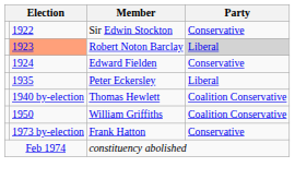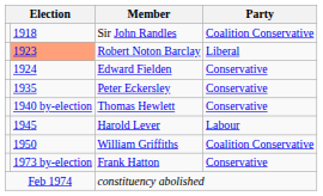 <table class="wikitable">
 <tr>
 <th colspan="2">Election</th>
 <th>Member</th>
 <th>Party</th>
 </tr>
 <tr>
 <td style="color:inherit;background-color: "></td>
-<td><a href='#'>1922</a></td>
-<td>Sir <a href='#'>Edwin Stockton</a></td>
-<td><a href='#'>Conservative</a></td>
+<td><a href='#'>1918</a></td>
+<td>Sir <a href='#'>John Randles</a></td>
+<td><a href='#'>Coalition Conservative</a></td>
 </tr>
 <tr>
 <td style="color:inherit;background-color: "></td>
 <td style="background: lightsalmon;"><a href='#'>1923</a></td>
 <td><a href='#'>Robert Noton Barclay</a></td>
-<td style="background: lightgrey;"><a href='#'>Liberal</a></td>
+<td><a href='#'>Liberal</a></td>
 </tr>
 <tr>
 <td style="color:inherit;background-color: "></td>
 <td><a href='#'>1924</a></td>
 <td><a href='#'>Edward Fielden</a></td>
 <td><a href='#'>Conservative</a></td>
 </tr>
 <tr>
 <td style="color:inherit;background-color: "></td>
 <td><a href='#'>1935</a></td>
 <td><a href='#'>Peter Eckersley</a></td>
-<td><a href='#'>Liberal</a></td>
+<td><a href='#'>Conservative</a></td>
 </tr>
 <tr>
 <td style="color:inherit;background-color: "></td>
 <td><a href='#'>1940 by-election</a></td>
 <td><a href='#'>Thomas Hewlett</a></td>
-<td><a href='#'>Coalition Conservative</a></td>
+<td><a href='#'>Conservative</a></td>
+</tr>
+<tr>
+<td style="color:inherit;background-color: "></td>
+<td><a href='#'>1945</a></td>
+<td><a href='#'>Harold Lever</a></td>
+<td><a href='#'>Labour</a></td>
 </tr>
 <tr>
 <td style="color:inherit;background-color: "></td>
 <td><a href='#'>1950</a></td>
 <td><a href='#'>William Griffiths</a></td>
 <td><a href='#'>Coalition Conservative</a></td>
 </tr>
 <tr>
 <td style="color:inherit;background-color: "></td>
 <td><a href='#'>1973 by-election</a></td>
 <td><a href='#'>Frank Hatton</a></td>
 <td><a href='#'>Conservative</a></td>
 </tr>
 <tr>
 <td colspan="2" align="center"><a href='#'>Feb 1974</a></td>
 <td colspan="2"><em>constituency abolished</em></td>
 </tr>
 </table>
